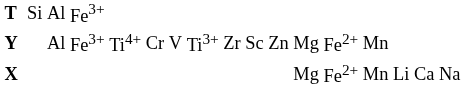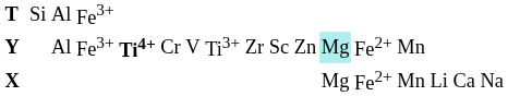 <table>
 <tr>
 <td><strong>T</strong></td>
 <td></td>
 <td>Si</td>
 <td>Al</td>
 <td>Fe<sup>3+</sup></td>
 </tr>
 <tr>
 <td><strong>Y</strong></td>
 <td></td>
 <td></td>
 <td>Al</td>
 <td>Fe<sup>3+</sup></td>
-<td>Ti<sup>4+</sup></td>
+<td><strong>Ti<sup>4+</sup></strong></td>
 <td>Cr</td>
 <td>V</td>
 <td>Ti<sup>3+</sup></td>
 <td>Zr</td>
 <td>Sc</td>
 <td>Zn</td>
-<td>Mg</td>
+<td style="background: paleturquoise;">Mg</td>
 <td>Fe<sup>2+</sup></td>
 <td>Mn</td>
 </tr>
 <tr>
 <td><strong>X</strong></td>
 <td></td>
 <td></td>
 <td></td>
 <td></td>
 <td></td>
 <td></td>
 <td></td>
 <td></td>
 <td></td>
 <td></td>
 <td></td>
 <td>Mg</td>
 <td>Fe<sup>2+</sup></td>
 <td>Mn</td>
 <td>Li</td>
 <td>Ca</td>
 <td>Na</td>
 </tr>
 </table>
